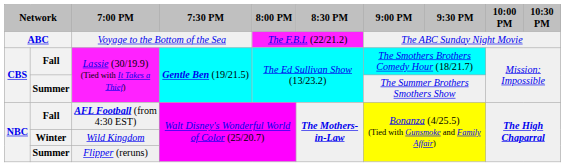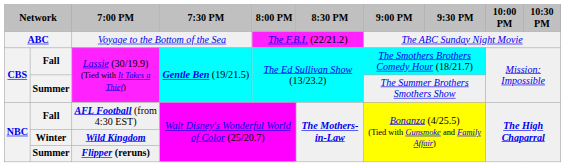 <table class="wikitable" style="width:100%;margin-right:0;text-align:center">
 <tr>
 <th colspan="2" style="background-color:#C0C0C0;text-align:center">Network</th>
 <th style="background-color:#C0C0C0;text-align:center">7:00 PM</th>
 <th style="background-color:#C0C0C0;text-align:center">7:30 PM</th>
 <th style="background-color:#C0C0C0;text-align:center">8:00 PM</th>
 <th style="background-color:#C0C0C0;text-align:center">8:30 PM</th>
 <th style="background-color:#C0C0C0;text-align:center">9:00 PM</th>
 <th style="background-color:#C0C0C0;text-align:center">9:30 PM</th>
 <th style="background-color:#C0C0C0;text-align:center">10:00 PM</th>
 <th style="background-color:#C0C0C0;text-align:center">10:30 PM</th>
 </tr>
 <tr>
 <th colspan="2" bgcolor="#C0C0C0"><a href='#'>ABC</a></th>
 <td bgcolor="#F0F0F0" colspan="2"><em><a href='#'>Voyage to the Bottom of the Sea</a></em></td>
 <td bgcolor="#FF22FF" colspan="2"><em><a href='#'>The F.B.I.</a></em> (22/21.2)</td>
 <td bgcolor="#F0F0F0" colspan="4"><em><a href='#'>The ABC Sunday Night Movie</a></em></td>
 </tr>
 <tr>
 <th rowspan="2" bgcolor="#C0C0C0"><a href='#'>CBS</a></th>
 <th>Fall</th>
 <td bgcolor="#FF22FF" rowspan="2"><em><a href='#'>Lassie</a></em> (30/19.9)<br><small>(Tied with <em><a href='#'>It Takes a Thief</a></em>)</small></td>
 <td bgcolor="#00FFFF" rowspan="2"><strong><em><a href='#'>Gentle Ben</a></em></strong> (19/21.5)</td>
 <td bgcolor="#00FFFF" rowspan="2" colspan="2"><em><a href='#'>The Ed Sullivan Show</a></em> (13/23.2)</td>
 <td bgcolor="#00FFFF" colspan="2"><em><a href='#'>The Smothers Brothers Comedy Hour</a></em> (18/21.7)</td>
 <td bgcolor="#F0F0F0" rowspan="2" colspan="2"><em><a href='#'>Mission: Impossible</a></em></td>
 </tr>
 <tr>
 <th>Summer</th>
 <td colspan="2" bgcolor="#F0F0F0"><em><a href='#'>The Summer Brothers Smothers Show</a></em></td>
 </tr>
 <tr>
 <th rowspan="3" bgcolor="#C0C0C0"><a href='#'>NBC</a></th>
 <th>Fall</th>
 <td bgcolor="#F0F0F0"><strong><em><a href='#'>AFL Football</a></em></strong> (from 4:30 EST)</td>
 <td colspan="2" rowspan="3" bgcolor="#FF00FF"><em><a href='#'>Walt Disney's Wonderful World of Color</a></em> (25/20.7)</td>
 <td rowspan="3" bgcolor="#F0F0F0"><strong><em><a href='#'>The Mothers-in-Law</a></em></strong></td>
 <td colspan="2" rowspan="3" bgcolor="#FFFF00"><em><a href='#'>Bonanza</a></em> (4/25.5)<br><small>(Tied with <em><a href='#'>Gunsmoke</a></em> and <em><a href='#'>Family Affair</a></em>)</small></td>
 <td colspan="2" rowspan="3" bgcolor="#F0F0F0"><strong><em><a href='#'>The High Chaparral</a></em></strong></td>
 </tr>
 <tr>
 <th>Winter</th>
-<td bgcolor="#F0F0F0"><em><a href='#'>Wild Kingdom</a></em></td>
+<td bgcolor="#F0F0F0"><strong><em><a href='#'>Wild Kingdom</a></em></strong></td>
 </tr>
 <tr>
 <th>Summer</th>
-<td bgcolor="#F0F0F0"><em><a href='#'>Flipper</a></em> (reruns)</td>
+<td bgcolor="#F0F0F0"><strong><em><a href='#'>Flipper</a></em> (reruns)</strong></td>
 </tr>
 </table>
